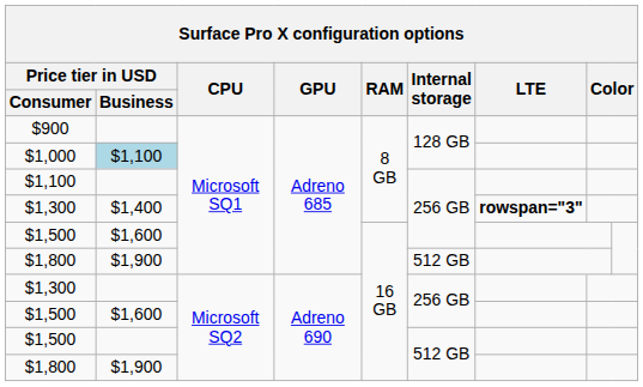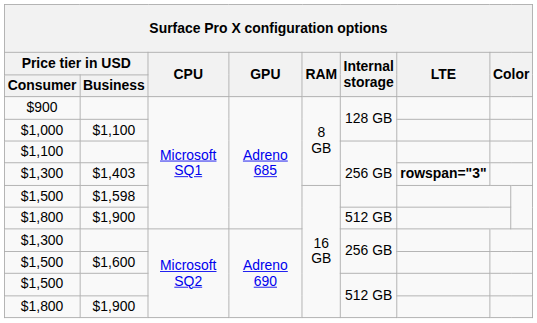 <table class="wikitable sortable" style="text-align:center;" align="center" text-align="center">
 <tr>
 <th colspan="9" style=" height:3em;">Surface Pro X configuration options</th>
 </tr>
 <tr>
 <th colspan="2" scope="col" width="25%">Price tier in USD</th>
 <th rowspan="2" scope="col" width="20%">CPU</th>
 <th rowspan="2" scope="col" width="20%">GPU</th>
 <th rowspan="2">RAM</th>
 <th rowspan="2" scope="col">Internal storage</th>
 <th rowspan="2">LTE</th>
 <th colspan="2" rowspan="2" scope="col">Color</th>
 </tr>
 <tr>
 <th>Consumer  </th>
 <th>Business  </th>
 </tr>
 <tr>
 <td>$900</td>
 <td></td>
 <td rowspan="6"><a href='#'>Microsoft SQ1</a></td>
 <td rowspan="6"><a href='#'>Adreno 685</a></td>
 <td rowspan="4">8 GB</td>
 <td rowspan="2">128 GB</td>
 <td></td>
 <td style="border-style: solid none solid solid"></td>
 <td style="border-style: solid solid solid none"></td>
 </tr>
 <tr>
 <td>$1,000</td>
-<td style="background: lightblue;">$1,100</td>
+<td>$1,100</td>
 <td></td>
 <td style="border-right:0px;"></td>
 <td style="border-style: solid solid solid none"></td>
 </tr>
 <tr>
 <td>$1,100</td>
 <td></td>
 <td rowspan="3">256 GB</td>
 <td></td>
 <td style="border-style: solid none solid solid"></td>
 <td style="border-style: solid solid solid none"></td>
 </tr>
 <tr>
 <td>$1,300</td>
-<td>$1,400</td>
+<td>$1,403</td>
 <td><strong>rowspan="3"  </strong></td>
 <td style="border-right:0px;"></td>
 <td style="border-style: solid solid solid none"></td>
 </tr>
 <tr>
 <td>$1,500</td>
-<td>$1,600</td>
+<td>$1,598</td>
 <td rowspan="6">16 GB</td>
 <td style="border-right:0px;"></td>
 <td style="border-style: solid solid solid none"></td>
 </tr>
 <tr>
 <td>$1,800</td>
 <td>$1,900</td>
 <td>512 GB</td>
 <td style="border-right:0px;"></td>
 <td style="border-style: solid solid solid none"></td>
 </tr>
 <tr>
 <td>$1,300</td>
 <td></td>
 <td rowspan="4"><a href='#'>Microsoft SQ2</a></td>
 <td rowspan="4"><a href='#'>Adreno 690</a></td>
 <td rowspan="2">256 GB</td>
 <td></td>
 <td style="border-style: solid none solid solid"></td>
 <td style="border-style: solid solid solid none"></td>
 </tr>
 <tr>
 <td>$1,500</td>
 <td>$1,600</td>
 <td></td>
 <td style="border-style: solid none solid solid"></td>
 <td style="border-style: solid solid solid none"></td>
 </tr>
 <tr>
 <td>$1,500</td>
 <td></td>
 <td rowspan="2">512 GB</td>
 <td></td>
 <td style="border-style: solid none solid solid"></td>
 <td style="border-left:0px"></td>
 </tr>
 <tr>
 <td>$1,800</td>
 <td>$1,900</td>
 <td></td>
 <td style="border-style: solid none solid solid"></td>
 <td style="border-style: solid solid solid none"></td>
 </tr>
 </table>
